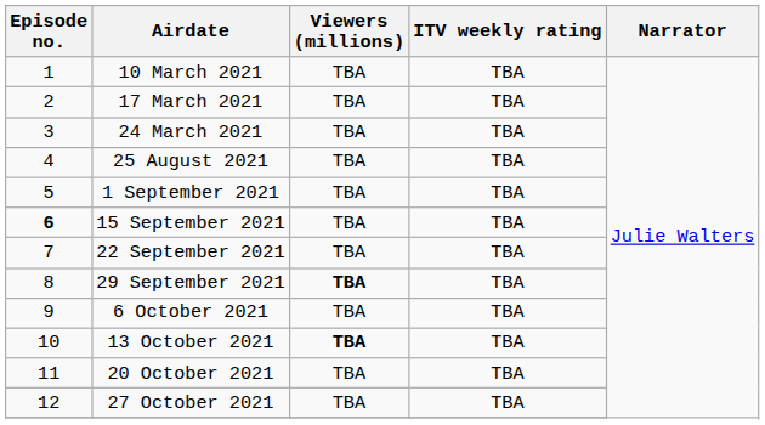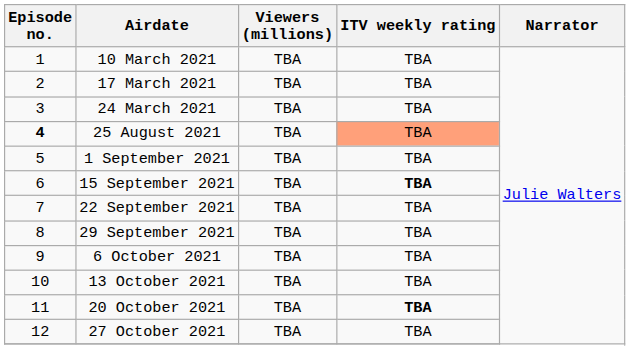 <table class="wikitable" style="text-align:center">
 <tr>
 <th scope="col">Episode<br>no.</th>
 <th scope="col">Airdate</th>
 <th scope="col">Viewers<br>(millions)</th>
 <th scope="col">ITV weekly rating</th>
 <th scope="col">Narrator</th>
 </tr>
 <tr>
 <td>1</td>
 <td>10 March 2021</td>
 <td>TBA</td>
 <td>TBA</td>
 <td rowspan="16"><a href='#'>Julie Walters</a></td>
 </tr>
 <tr>
 <td>2</td>
 <td>17 March 2021</td>
 <td>TBA</td>
 <td>TBA</td>
 </tr>
 <tr>
 <td>3</td>
 <td>24 March 2021</td>
 <td>TBA</td>
 <td>TBA</td>
 </tr>
 <tr>
-<td>4</td>
+<td><strong>4</strong></td>
 <td>25 August 2021</td>
 <td>TBA</td>
-<td>TBA</td>
+<td style="background: lightsalmon;">TBA</td>
 </tr>
 <tr>
 <td>5</td>
 <td>1 September 2021</td>
 <td>TBA</td>
 <td>TBA</td>
 </tr>
 <tr>
-<td><strong>6</strong></td>
+<td>6</td>
 <td>15 September 2021</td>
 <td>TBA</td>
-<td>TBA</td>
+<td><strong>TBA</strong></td>
 </tr>
 <tr>
 <td>7</td>
 <td>22 September 2021</td>
 <td>TBA</td>
 <td>TBA</td>
 </tr>
 <tr>
 <td>8</td>
 <td>29 September 2021</td>
-<td><strong>TBA</strong></td>
+<td>TBA</td>
 <td>TBA</td>
 </tr>
 <tr>
 <td>9</td>
 <td>6 October 2021</td>
 <td>TBA</td>
 <td>TBA</td>
 </tr>
 <tr>
 <td>10</td>
 <td>13 October 2021</td>
-<td><strong>TBA</strong></td>
+<td>TBA</td>
 <td>TBA</td>
 </tr>
 <tr>
 <td>11</td>
 <td>20 October 2021</td>
 <td>TBA</td>
-<td>TBA</td>
+<td><strong>TBA</strong></td>
 </tr>
 <tr>
 <td>12</td>
 <td>27 October 2021</td>
 <td>TBA</td>
 <td>TBA</td>
 </tr>
 <tr>
 </tr>
 </table>
